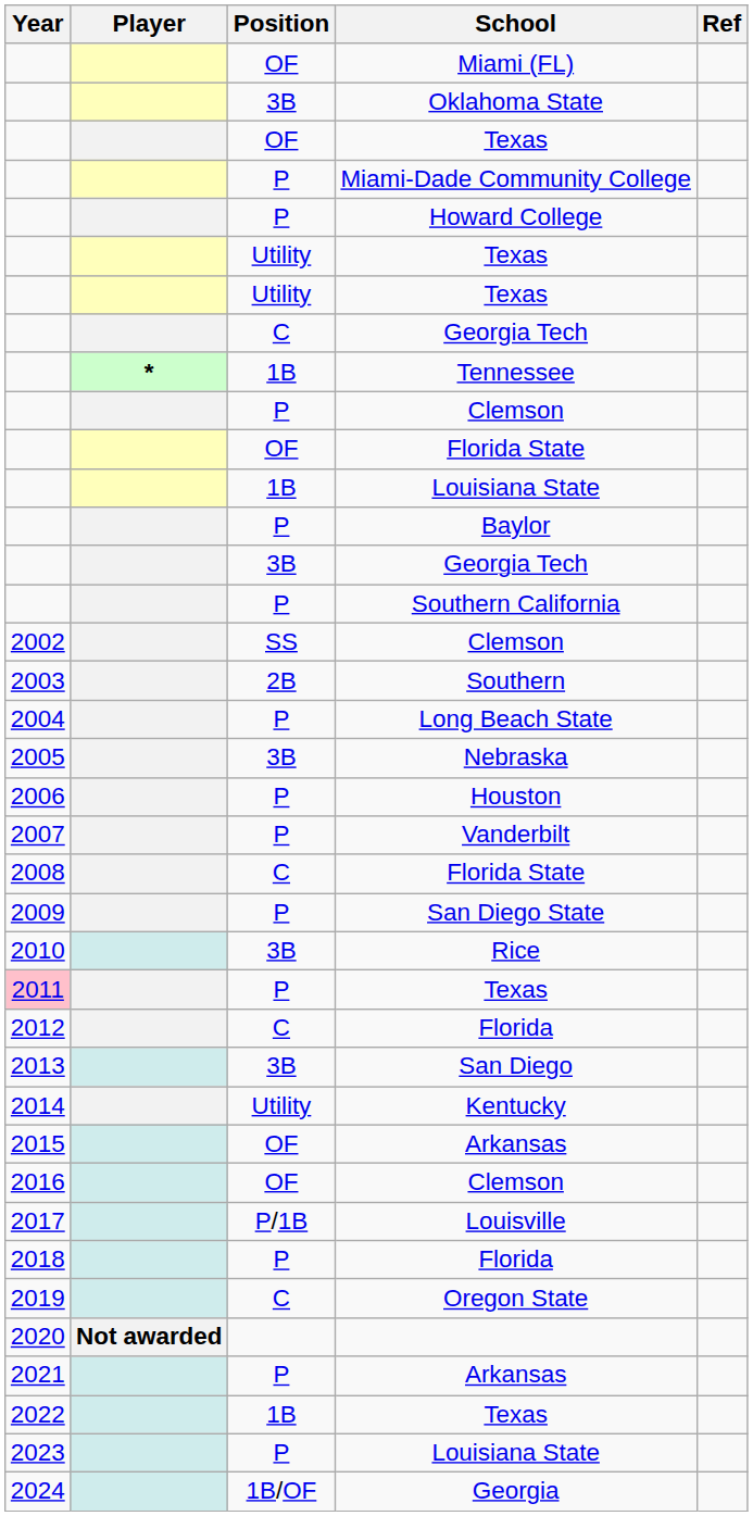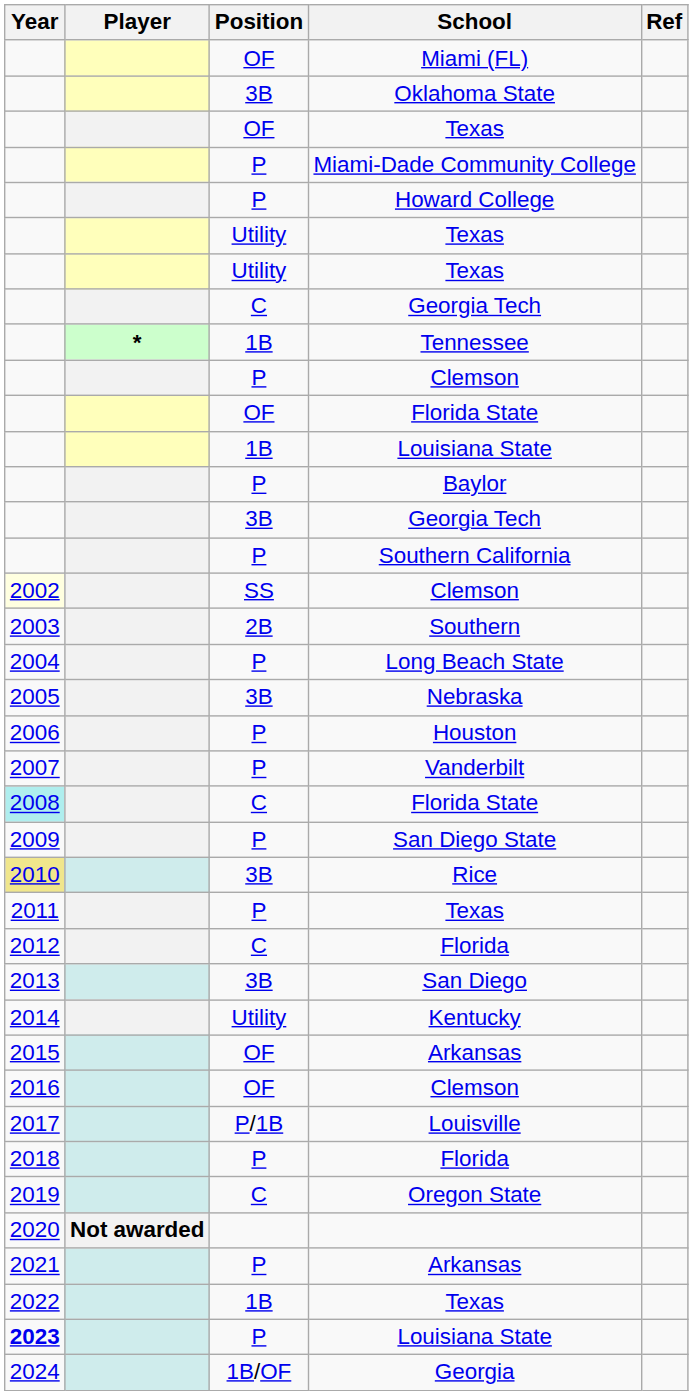 <table class="wikitable sortable plainrowheaders" style="text-align:center">
 <tr>
 <th scope="col">Year</th>
 <th scope="col">Player</th>
 <th scope="col">Position</th>
 <th scope="col">School</th>
 <th scope="col" class="unsortable">Ref</th>
 </tr>
 <tr>
 <td></td>
 <th scope="row" style="text-align:center; background:#ffb;"></th>
 <td><a href='#'>OF</a></td>
 <td><a href='#'>Miami (FL)</a></td>
 <td></td>
 </tr>
 <tr>
 <td></td>
 <th scope="row" style="text-align:center; background:#ffb;"></th>
 <td><a href='#'>3B</a></td>
 <td><a href='#'>Oklahoma State</a></td>
 <td></td>
 </tr>
 <tr>
 <td></td>
 <th scope="row" style="text-align:center"></th>
 <td><a href='#'>OF</a></td>
 <td><a href='#'>Texas</a></td>
 <td></td>
 </tr>
 <tr>
 <td></td>
 <th scope="row" style="text-align:center; background:#ffb;"></th>
 <td><a href='#'>P</a></td>
 <td><a href='#'>Miami-Dade Community College</a></td>
 <td></td>
 </tr>
 <tr>
 <td></td>
 <th scope="row" style="text-align:center"></th>
 <td><a href='#'>P</a></td>
 <td><a href='#'>Howard College</a></td>
 <td></td>
 </tr>
 <tr>
 <td></td>
 <th scope="row" style="text-align:center; background:#ffb;"></th>
 <td><a href='#'>Utility</a></td>
 <td><a href='#'>Texas</a></td>
 <td></td>
 </tr>
 <tr>
 <td></td>
 <th scope="row" style="text-align:center; background:#ffb;"> </th>
 <td><a href='#'>Utility</a></td>
 <td><a href='#'>Texas</a></td>
 <td></td>
 </tr>
 <tr>
 <td></td>
 <th scope="row" style="text-align:center"></th>
 <td><a href='#'>C</a></td>
 <td><a href='#'>Georgia Tech</a></td>
 <td></td>
 </tr>
 <tr>
 <td></td>
 <th scope="row" style="text-align:center; background:#cfc;">*</th>
 <td><a href='#'>1B</a></td>
 <td><a href='#'>Tennessee</a></td>
 <td></td>
 </tr>
 <tr>
 <td></td>
 <th scope="row" style="text-align:center"><em></em></th>
 <td><a href='#'>P</a></td>
 <td><a href='#'>Clemson</a></td>
 <td></td>
 </tr>
 <tr>
 <td></td>
 <th scope="row" style="text-align:center; background:#ffb;"></th>
 <td><a href='#'>OF</a></td>
 <td><a href='#'>Florida State</a></td>
 <td></td>
 </tr>
 <tr>
 <td></td>
 <th scope="row" style="text-align:center; background:#ffb;"></th>
 <td><a href='#'>1B</a></td>
 <td><a href='#'>Louisiana State</a></td>
 <td></td>
 </tr>
 <tr>
 <td></td>
 <th scope="row" style="text-align:center"></th>
 <td><a href='#'>P</a></td>
 <td><a href='#'>Baylor</a></td>
 <td></td>
 </tr>
 <tr>
 <td></td>
 <th scope="row" style="text-align:center"></th>
 <td><a href='#'>3B</a></td>
 <td><a href='#'>Georgia Tech</a></td>
 <td></td>
 </tr>
 <tr>
 <td></td>
 <th scope="row" style="text-align:center"></th>
 <td><a href='#'>P</a></td>
 <td><a href='#'>Southern California</a></td>
 <td></td>
 </tr>
 <tr>
-<td><a href='#'>2002</a></td>
+<td style="background: lightyellow;"><a href='#'>2002</a></td>
 <th scope="row" style="text-align:center"></th>
 <td><a href='#'>SS</a></td>
 <td><a href='#'>Clemson</a></td>
 <td></td>
 </tr>
 <tr>
 <td><a href='#'>2003</a></td>
 <th scope="row" style="text-align:center;"></th>
 <td><a href='#'>2B</a></td>
 <td><a href='#'>Southern</a></td>
 <td></td>
 </tr>
 <tr>
 <td><a href='#'>2004</a></td>
 <th scope="row" style="text-align:center;"></th>
 <td><a href='#'>P</a></td>
 <td><a href='#'>Long Beach State</a></td>
 <td></td>
 </tr>
 <tr>
 <td><a href='#'>2005</a></td>
 <th scope="row" style="text-align:center;"></th>
 <td><a href='#'>3B</a></td>
 <td><a href='#'>Nebraska</a></td>
 <td></td>
 </tr>
 <tr>
 <td><a href='#'>2006</a></td>
 <th scope="row" style="text-align:center;"></th>
 <td><a href='#'>P</a></td>
 <td><a href='#'>Houston</a></td>
 <td></td>
 </tr>
 <tr>
 <td><a href='#'>2007</a></td>
 <th scope="row" style="text-align:center;"><em></em></th>
 <td><a href='#'>P</a></td>
 <td><a href='#'>Vanderbilt</a></td>
 <td></td>
 </tr>
 <tr>
-<td><a href='#'>2008</a></td>
+<td style="background: paleturquoise;"><a href='#'>2008</a></td>
 <th scope="row" style="text-align:center;"></th>
 <td><a href='#'>C</a></td>
 <td><a href='#'>Florida State</a></td>
 <td></td>
 </tr>
 <tr>
 <td><a href='#'>2009</a></td>
 <th scope="row" style="text-align:center;"><em></em></th>
 <td><a href='#'>P</a></td>
 <td><a href='#'>San Diego State</a></td>
 <td></td>
 </tr>
 <tr>
-<td><a href='#'>2010</a></td>
+<td style="background: khaki;"><a href='#'>2010</a></td>
 <th scope="row" style="text-align:center; background:#cfecec;"></th>
 <td><a href='#'>3B</a></td>
 <td><a href='#'>Rice</a></td>
 <td></td>
 </tr>
 <tr>
-<td style="background: pink;"><a href='#'>2011</a></td>
+<td><a href='#'>2011</a></td>
 <th scope="row" style="text-align:center;"></th>
 <td><a href='#'>P</a></td>
 <td><a href='#'>Texas</a></td>
 <td></td>
 </tr>
 <tr>
 <td><a href='#'>2012</a></td>
 <th scope="row" style="text-align:center;"></th>
 <td><a href='#'>C</a></td>
 <td><a href='#'>Florida</a></td>
 <td></td>
 </tr>
 <tr>
 <td><a href='#'>2013</a></td>
 <th scope="row" style="text-align:center; background:#cfecec;"></th>
 <td><a href='#'>3B</a></td>
 <td><a href='#'>San Diego</a></td>
 <td></td>
 </tr>
 <tr>
 <td><a href='#'>2014</a></td>
 <th scope="row" style="text-align:center;"></th>
 <td><a href='#'>Utility</a></td>
 <td><a href='#'>Kentucky</a></td>
 <td></td>
 </tr>
 <tr>
 <td><a href='#'>2015</a></td>
 <th scope="row" style="text-align:center; background:#cfecec;"></th>
 <td><a href='#'>OF</a></td>
 <td><a href='#'>Arkansas</a></td>
 <td></td>
 </tr>
 <tr>
 <td><a href='#'>2016</a></td>
 <th scope="row" style="text-align:center; background:#cfecec;"></th>
 <td><a href='#'>OF</a></td>
 <td><a href='#'>Clemson</a></td>
 <td></td>
 </tr>
 <tr>
 <td><a href='#'>2017</a></td>
 <th scope="row" style="text-align:center; background:#cfecec;"></th>
 <td><a href='#'>P</a>/<a href='#'>1B</a></td>
 <td><a href='#'>Louisville</a></td>
 <td></td>
 </tr>
 <tr>
 <td><a href='#'>2018</a></td>
 <th scope="row" style="text-align:center; background:#cfecec;"></th>
 <td><a href='#'>P</a></td>
 <td><a href='#'>Florida</a></td>
 <td></td>
 </tr>
 <tr>
 <td><a href='#'>2019</a></td>
 <th scope="row" style="text-align:center; background:#cfecec;"><em></em></th>
 <td><a href='#'>C</a></td>
 <td><a href='#'>Oregon State</a></td>
 <td></td>
 </tr>
 <tr>
 <td><a href='#'>2020</a></td>
 <th scope="row" style="text-align:center">Not awarded</th>
 <td></td>
 <td></td>
 </tr>
 <tr>
 <td><a href='#'>2021</a></td>
 <th scope="row" style="text-align:center; background:#cfecec;"></th>
 <td><a href='#'>P</a></td>
 <td><a href='#'>Arkansas</a></td>
 <td></td>
 </tr>
 <tr>
 <td><a href='#'>2022</a></td>
 <th scope="row" style="text-align:center; background:#cfecec;"></th>
 <td><a href='#'>1B</a></td>
 <td><a href='#'>Texas</a></td>
 <td></td>
 </tr>
 <tr>
-<td><a href='#'>2023</a></td>
+<td><strong><a href='#'>2023</a></strong></td>
 <th scope="row" style="text-align:center; background:#cfecec;"><em></em></th>
 <td><a href='#'>P</a></td>
 <td><a href='#'>Louisiana State</a></td>
 <td></td>
 </tr>
 <tr>
 <td><a href='#'>2024</a></td>
 <th scope="row" style="text-align:center; background:#cfecec;"></th>
 <td><a href='#'>1B</a>/<a href='#'>OF</a></td>
 <td><a href='#'>Georgia</a></td>
 <td></td>
 </tr>
 </table>
